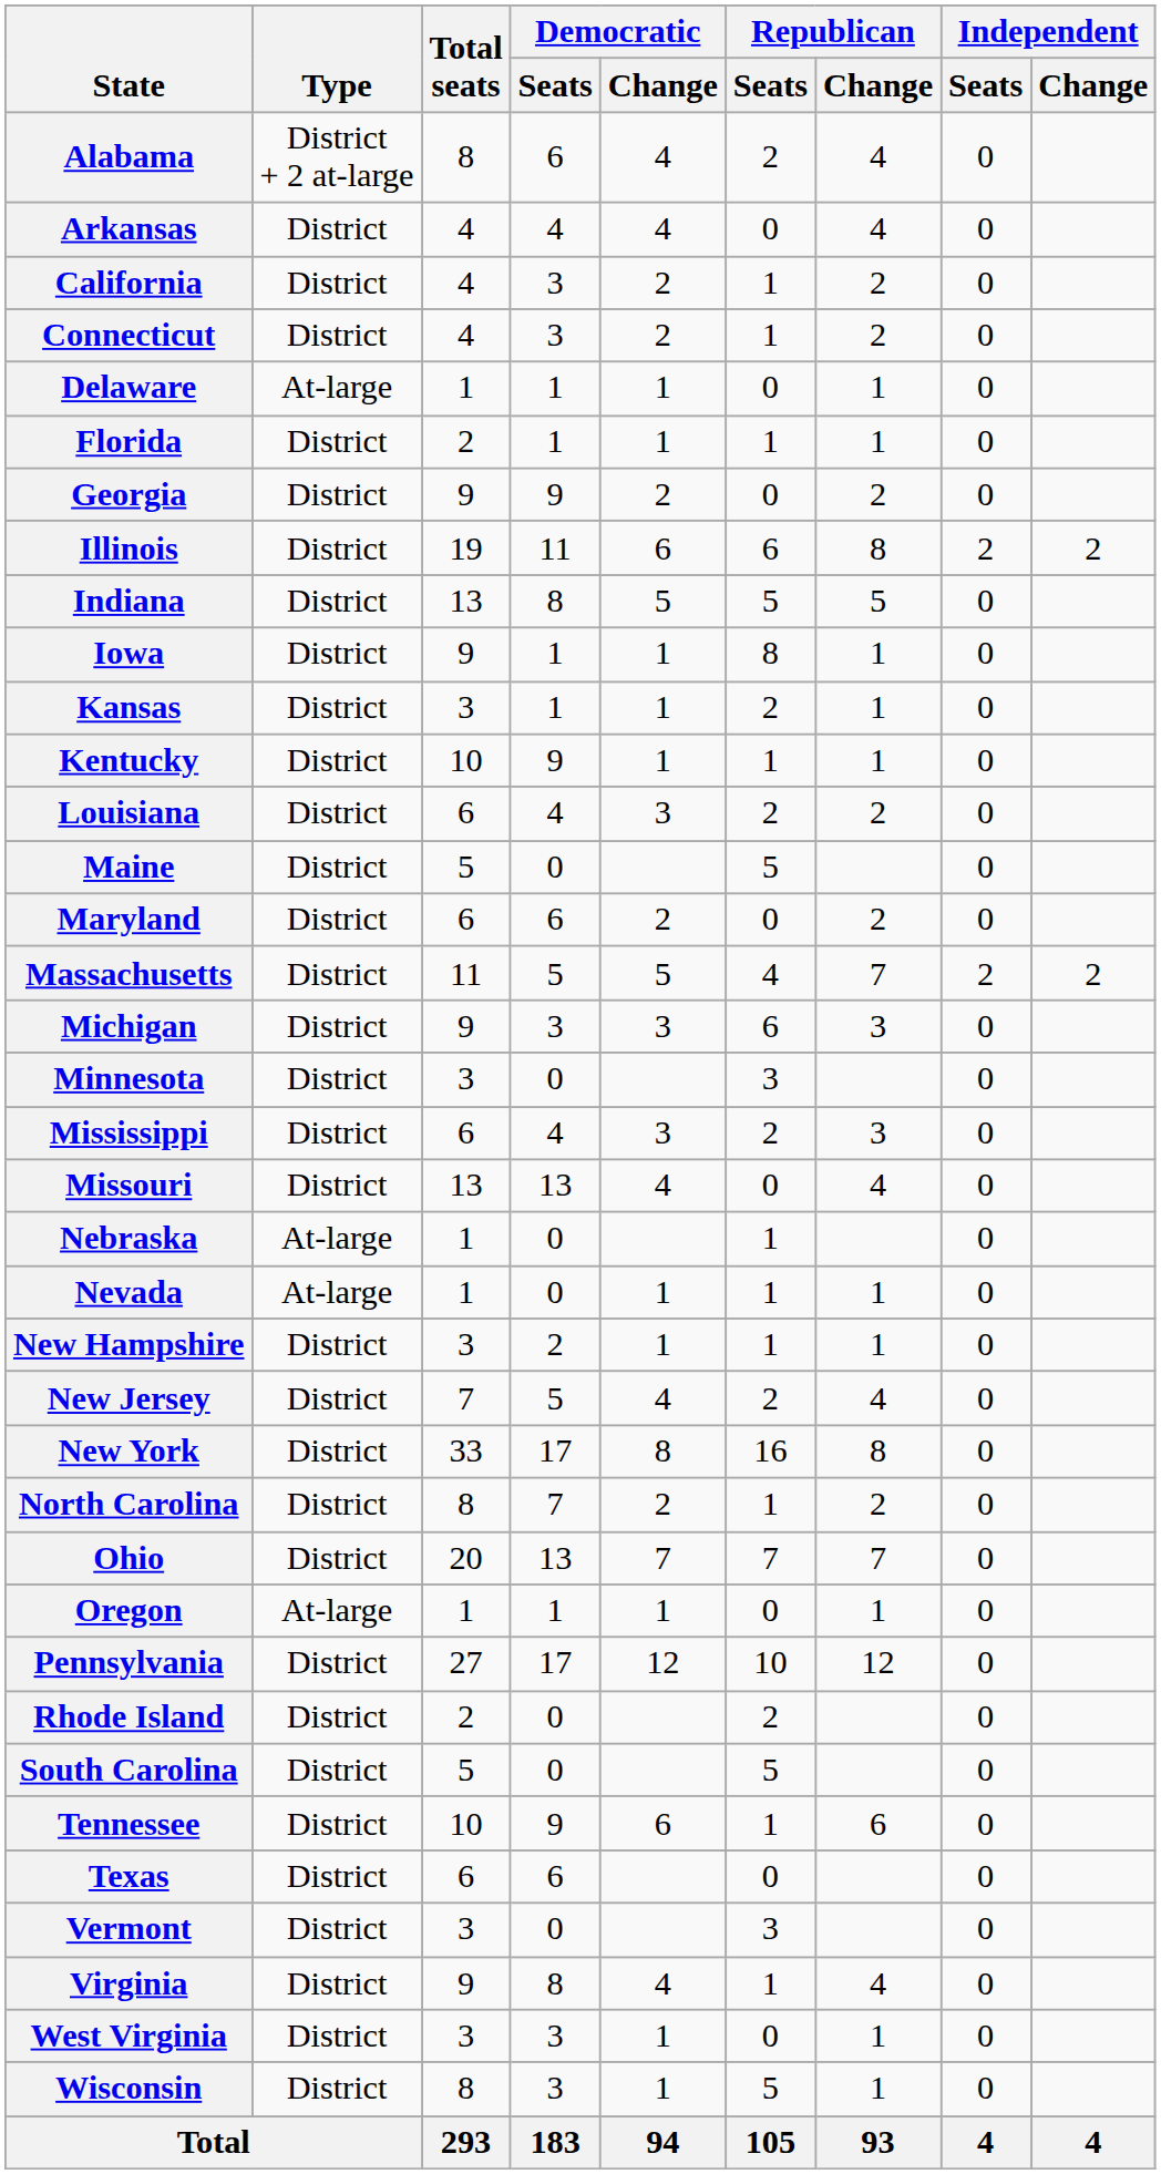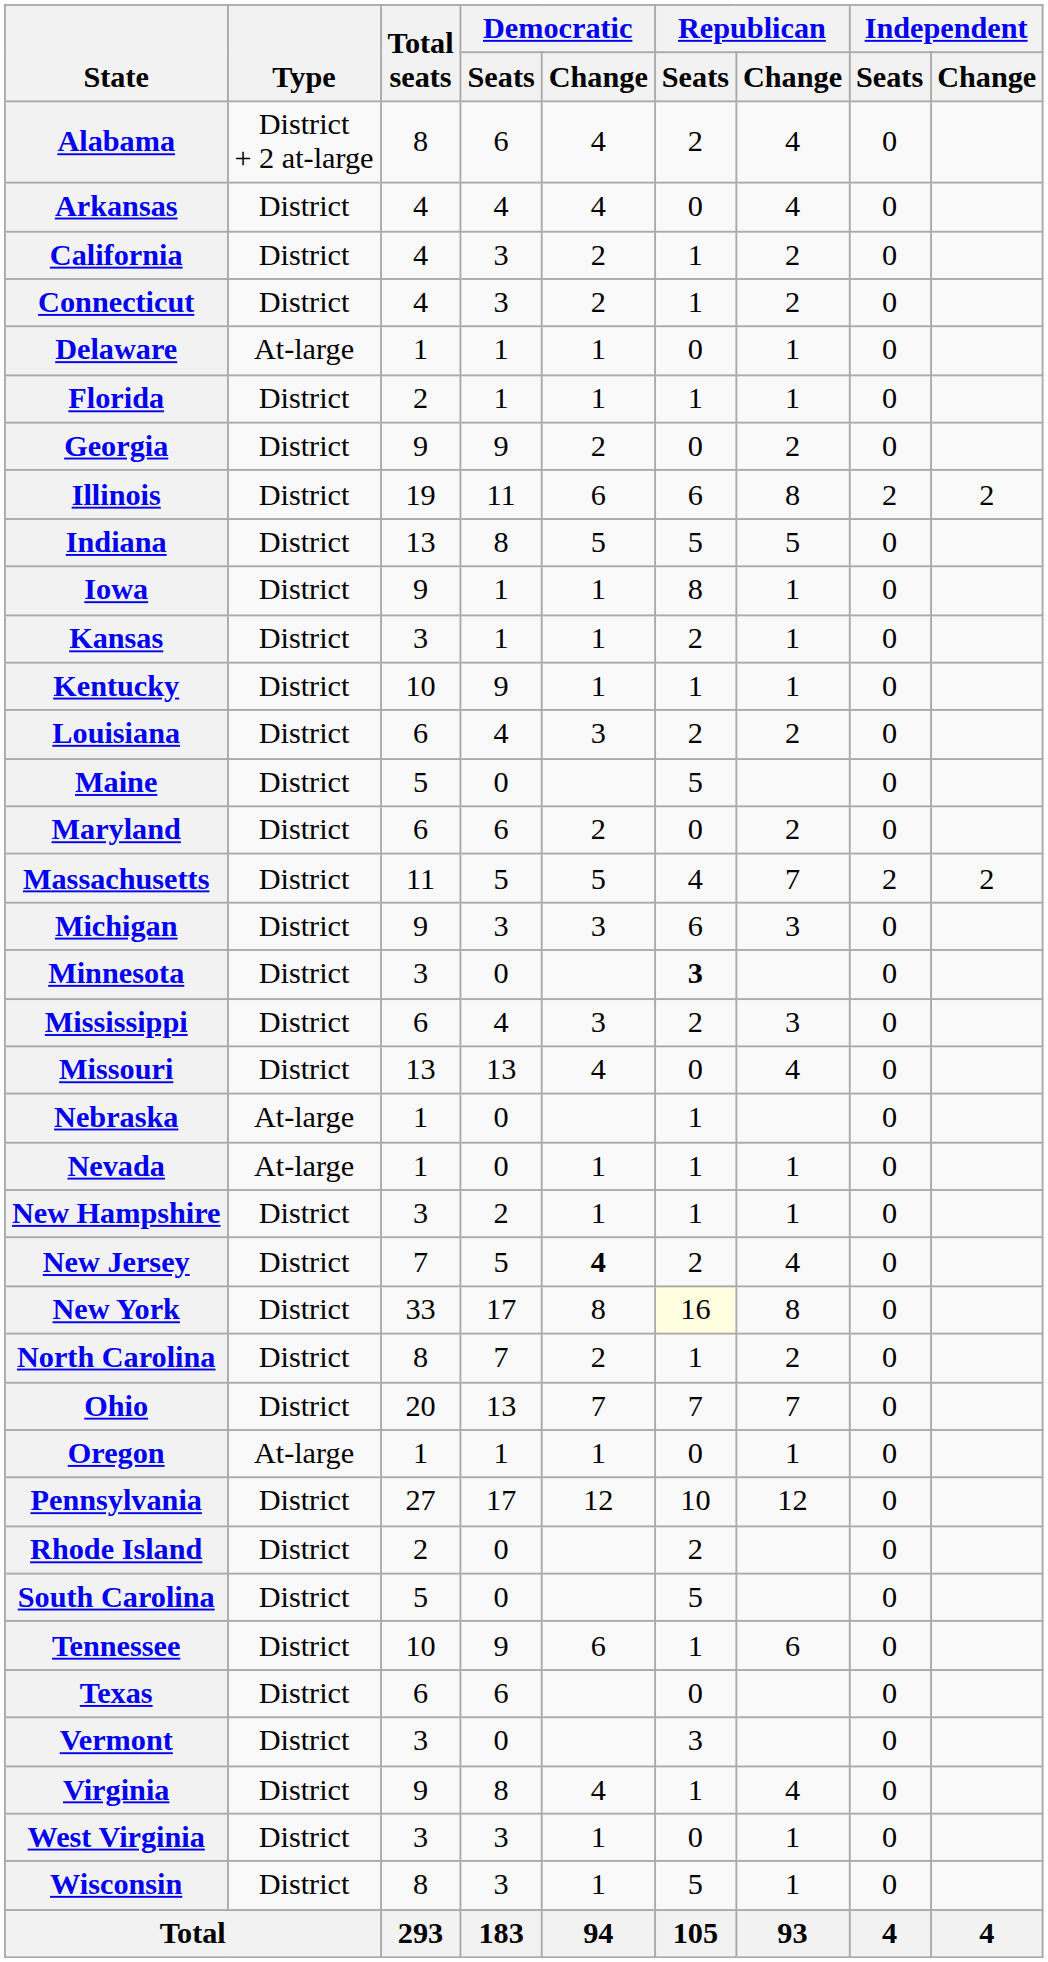 <table class="wikitable sortable" style="text-align:center">
 <tr valign=bottom>
 <th rowspan=2>State</th>
 <th rowspan=2>Type</th>
 <th rowspan=2>Total<br>seats</th>
 <th colspan=2 ><a href='#'>Democratic</a></th>
 <th colspan=2 ><a href='#'>Republican</a></th>
 <th colspan=2 ><a href='#'>Independent</a></th>
 </tr>
 <tr>
 <th>Seats</th>
 <th>Change</th>
 <th>Seats</th>
 <th>Change</th>
 <th>Seats</th>
 <th>Change</th>
 </tr>
 <tr>
 <th><a href='#'>Alabama</a></th>
 <td>District<br>+ 2 at-large</td>
 <td>8</td>
 <td>6</td>
 <td> 4</td>
 <td>2</td>
 <td> 4</td>
 <td>0</td>
 <td></td>
 </tr>
 <tr>
 <th><a href='#'>Arkansas</a></th>
 <td>District</td>
 <td>4</td>
 <td>4</td>
 <td> 4</td>
 <td>0</td>
 <td> 4</td>
 <td>0</td>
 <td></td>
 </tr>
 <tr>
 <th><a href='#'>California</a></th>
 <td>District</td>
 <td>4</td>
 <td>3</td>
 <td> 2</td>
 <td>1</td>
 <td> 2</td>
 <td>0</td>
 <td></td>
 </tr>
 <tr>
 <th><a href='#'>Connecticut</a></th>
 <td>District</td>
 <td>4</td>
 <td>3</td>
 <td> 2</td>
 <td>1</td>
 <td> 2</td>
 <td>0</td>
 <td></td>
 </tr>
 <tr>
 <th><a href='#'>Delaware</a></th>
 <td>At-large</td>
 <td>1</td>
 <td>1</td>
 <td> 1</td>
 <td>0</td>
 <td> 1</td>
 <td>0</td>
 <td></td>
 </tr>
 <tr>
 <th><a href='#'>Florida</a></th>
 <td>District</td>
 <td>2</td>
 <td>1</td>
 <td> 1</td>
 <td>1</td>
 <td> 1</td>
 <td>0</td>
 <td></td>
 </tr>
 <tr>
 <th><a href='#'>Georgia</a></th>
 <td>District</td>
 <td>9</td>
 <td>9</td>
 <td> 2</td>
 <td>0</td>
 <td> 2</td>
 <td>0</td>
 <td></td>
 </tr>
 <tr>
 <th><a href='#'>Illinois</a></th>
 <td>District</td>
 <td>19</td>
 <td>11</td>
 <td> 6</td>
 <td>6</td>
 <td> 8</td>
 <td>2</td>
 <td> 2</td>
 </tr>
 <tr>
 <th><a href='#'>Indiana</a></th>
 <td>District</td>
 <td>13</td>
 <td>8</td>
 <td> 5</td>
 <td>5</td>
 <td> 5</td>
 <td>0</td>
 <td></td>
 </tr>
 <tr>
 <th><a href='#'>Iowa</a></th>
 <td>District</td>
 <td>9</td>
 <td>1</td>
 <td> 1</td>
 <td>8</td>
 <td> 1</td>
 <td>0</td>
 <td></td>
 </tr>
 <tr>
 <th><a href='#'>Kansas</a></th>
 <td>District</td>
 <td>3</td>
 <td>1</td>
 <td> 1</td>
 <td>2</td>
 <td> 1</td>
 <td>0</td>
 <td></td>
 </tr>
 <tr>
 <th><a href='#'>Kentucky</a></th>
 <td>District</td>
 <td>10</td>
 <td>9</td>
 <td> 1</td>
 <td>1</td>
 <td> 1</td>
 <td>0</td>
 <td></td>
 </tr>
 <tr>
 <th><a href='#'>Louisiana</a></th>
 <td>District</td>
 <td>6</td>
 <td>4</td>
 <td> 3</td>
 <td>2</td>
 <td> 2</td>
 <td>0</td>
 <td></td>
 </tr>
 <tr>
 <th><a href='#'>Maine</a></th>
 <td>District</td>
 <td>5</td>
 <td>0</td>
 <td></td>
 <td>5</td>
 <td></td>
 <td>0</td>
 <td></td>
 </tr>
 <tr>
 <th><a href='#'>Maryland</a></th>
 <td>District</td>
 <td>6</td>
 <td>6</td>
 <td> 2</td>
 <td>0</td>
 <td> 2</td>
 <td>0</td>
 <td></td>
 </tr>
 <tr>
 <th><a href='#'>Massachusetts</a></th>
 <td>District</td>
 <td>11</td>
 <td>5</td>
 <td> 5</td>
 <td>4</td>
 <td> 7</td>
 <td>2</td>
 <td> 2</td>
 </tr>
 <tr>
 <th><a href='#'>Michigan</a></th>
 <td>District</td>
 <td>9</td>
 <td>3</td>
 <td> 3</td>
 <td>6</td>
 <td> 3</td>
 <td>0</td>
 <td></td>
 </tr>
 <tr>
 <th><a href='#'>Minnesota</a></th>
 <td>District</td>
 <td>3</td>
 <td>0</td>
 <td></td>
-<td>3</td>
+<td><strong>3</strong></td>
 <td></td>
 <td>0</td>
 <td></td>
 </tr>
 <tr>
 <th><a href='#'>Mississippi</a></th>
 <td>District</td>
 <td>6</td>
 <td>4</td>
 <td> 3</td>
 <td>2</td>
 <td> 3</td>
 <td>0</td>
 <td></td>
 </tr>
 <tr>
 <th><a href='#'>Missouri</a></th>
 <td>District</td>
 <td>13</td>
 <td>13</td>
 <td> 4</td>
 <td>0</td>
 <td> 4</td>
 <td>0</td>
 <td></td>
 </tr>
 <tr>
 <th><a href='#'>Nebraska</a></th>
 <td>At-large</td>
 <td>1</td>
 <td>0</td>
 <td></td>
 <td>1</td>
 <td></td>
 <td>0</td>
 <td></td>
 </tr>
 <tr>
 <th><a href='#'>Nevada</a></th>
 <td>At-large</td>
 <td>1</td>
 <td>0</td>
 <td> 1</td>
 <td>1</td>
 <td> 1</td>
 <td>0</td>
 <td></td>
 </tr>
 <tr>
 <th><a href='#'>New Hampshire</a></th>
 <td>District</td>
 <td>3</td>
 <td>2</td>
 <td> 1</td>
 <td>1</td>
 <td> 1</td>
 <td>0</td>
 <td></td>
 </tr>
 <tr>
 <th><a href='#'>New Jersey</a></th>
 <td>District</td>
 <td>7</td>
 <td>5</td>
-<td> 4</td>
+<td><strong> 4</strong></td>
 <td>2</td>
 <td> 4</td>
 <td>0</td>
 <td></td>
 </tr>
 <tr>
 <th><a href='#'>New York</a></th>
 <td>District</td>
 <td>33</td>
 <td>17</td>
 <td> 8</td>
-<td>16</td>
+<td style="background: lightyellow;">16</td>
 <td> 8</td>
 <td>0</td>
 <td></td>
 </tr>
 <tr>
 <th><a href='#'>North Carolina</a></th>
 <td>District</td>
 <td>8</td>
 <td>7</td>
 <td> 2</td>
 <td>1</td>
 <td> 2</td>
 <td>0</td>
 <td></td>
 </tr>
 <tr>
 <th><a href='#'>Ohio</a></th>
 <td>District</td>
 <td>20</td>
 <td>13</td>
 <td> 7</td>
 <td>7</td>
 <td> 7</td>
 <td>0</td>
 <td></td>
 </tr>
 <tr>
 <th><a href='#'>Oregon</a></th>
 <td>At-large</td>
 <td>1</td>
 <td>1</td>
 <td> 1</td>
 <td>0</td>
 <td> 1</td>
 <td>0</td>
 <td></td>
 </tr>
 <tr>
 <th><a href='#'>Pennsylvania</a></th>
 <td>District</td>
 <td>27</td>
 <td>17</td>
 <td> 12</td>
 <td>10</td>
 <td> 12</td>
 <td>0</td>
 <td></td>
 </tr>
 <tr>
 <th><a href='#'>Rhode Island</a></th>
 <td>District</td>
 <td>2</td>
 <td>0</td>
 <td></td>
 <td>2</td>
 <td></td>
 <td>0</td>
 <td></td>
 </tr>
 <tr>
 <th><a href='#'>South Carolina</a></th>
 <td>District</td>
 <td>5</td>
 <td>0</td>
 <td></td>
 <td>5</td>
 <td></td>
 <td>0</td>
 <td></td>
 </tr>
 <tr>
 <th><a href='#'>Tennessee</a></th>
 <td>District</td>
 <td>10</td>
 <td>9</td>
 <td> 6</td>
 <td>1</td>
 <td> 6</td>
 <td>0</td>
 <td></td>
 </tr>
 <tr>
 <th><a href='#'>Texas</a></th>
 <td>District</td>
 <td>6</td>
 <td>6</td>
 <td></td>
 <td>0</td>
 <td></td>
 <td>0</td>
 <td></td>
 </tr>
 <tr>
 <th><a href='#'>Vermont</a></th>
 <td>District</td>
 <td>3</td>
 <td>0</td>
 <td></td>
 <td>3</td>
 <td></td>
 <td>0</td>
 <td></td>
 </tr>
 <tr>
 <th><a href='#'>Virginia</a></th>
 <td>District</td>
 <td>9</td>
 <td>8</td>
 <td> 4</td>
 <td>1</td>
 <td> 4</td>
 <td>0</td>
 <td></td>
 </tr>
 <tr>
 <th><a href='#'>West Virginia</a></th>
 <td>District</td>
 <td>3</td>
 <td>3</td>
 <td> 1</td>
 <td>0</td>
 <td> 1</td>
 <td>0</td>
 <td></td>
 </tr>
 <tr>
 <th><a href='#'>Wisconsin</a></th>
 <td>District</td>
 <td>8</td>
 <td>3</td>
 <td> 1</td>
 <td>5</td>
 <td> 1</td>
 <td>0</td>
 <td></td>
 </tr>
 <tr>
 <th align=center colspan=2>Total</th>
 <th>293</th>
 <th>183<br></th>
 <th> 94</th>
 <th>105<br></th>
 <th> 93</th>
 <th>4<br></th>
 <th> 4</th>
 </tr>
 </table>
